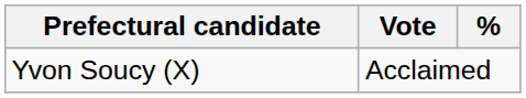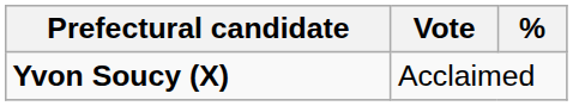 <table class="wikitable">
 <tr>
 <th bgcolor="#DDDDFF" width="200px">Prefectural candidate</th>
 <th bgcolor="#DDDDFF" width="50px">Vote</th>
 <th bgcolor="#DDDDFF" width="30px">%</th>
 </tr>
 <tr>
-<td>Yvon Soucy (X)</td>
+<td><strong>Yvon Soucy (X)</strong></td>
 <td colspan="2">Acclaimed</td>
 </tr>
 </table>
